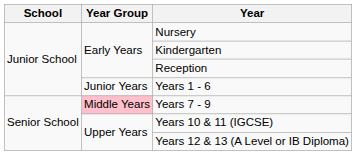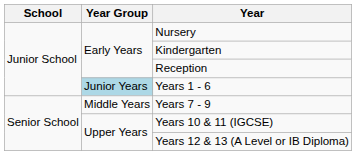 <table class="wikitable">
 <tr>
 <th>School</th>
 <th>Year Group</th>
 <th>Year</th>
 </tr>
 <tr>
 <td rowspan="4">Junior School</td>
 <td rowspan="3">Early Years</td>
 <td>Nursery</td>
 </tr>
 <tr>
 <td>Kindergarten</td>
 </tr>
 <tr>
 <td>Reception</td>
 </tr>
 <tr>
-<td>Junior Years</td>
+<td style="background: lightblue;">Junior Years</td>
 <td>Years 1 - 6</td>
 </tr>
 <tr>
 <td rowspan="3">Senior School</td>
-<td style="background: pink;">Middle Years</td>
+<td>Middle Years</td>
 <td>Years 7 - 9</td>
 </tr>
 <tr>
 <td rowspan="2">Upper Years</td>
 <td>Years 10 & 11 (IGCSE)</td>
 </tr>
 <tr>
 <td>Years 12 & 13 (A Level or IB Diploma)</td>
 </tr>
 </table>
